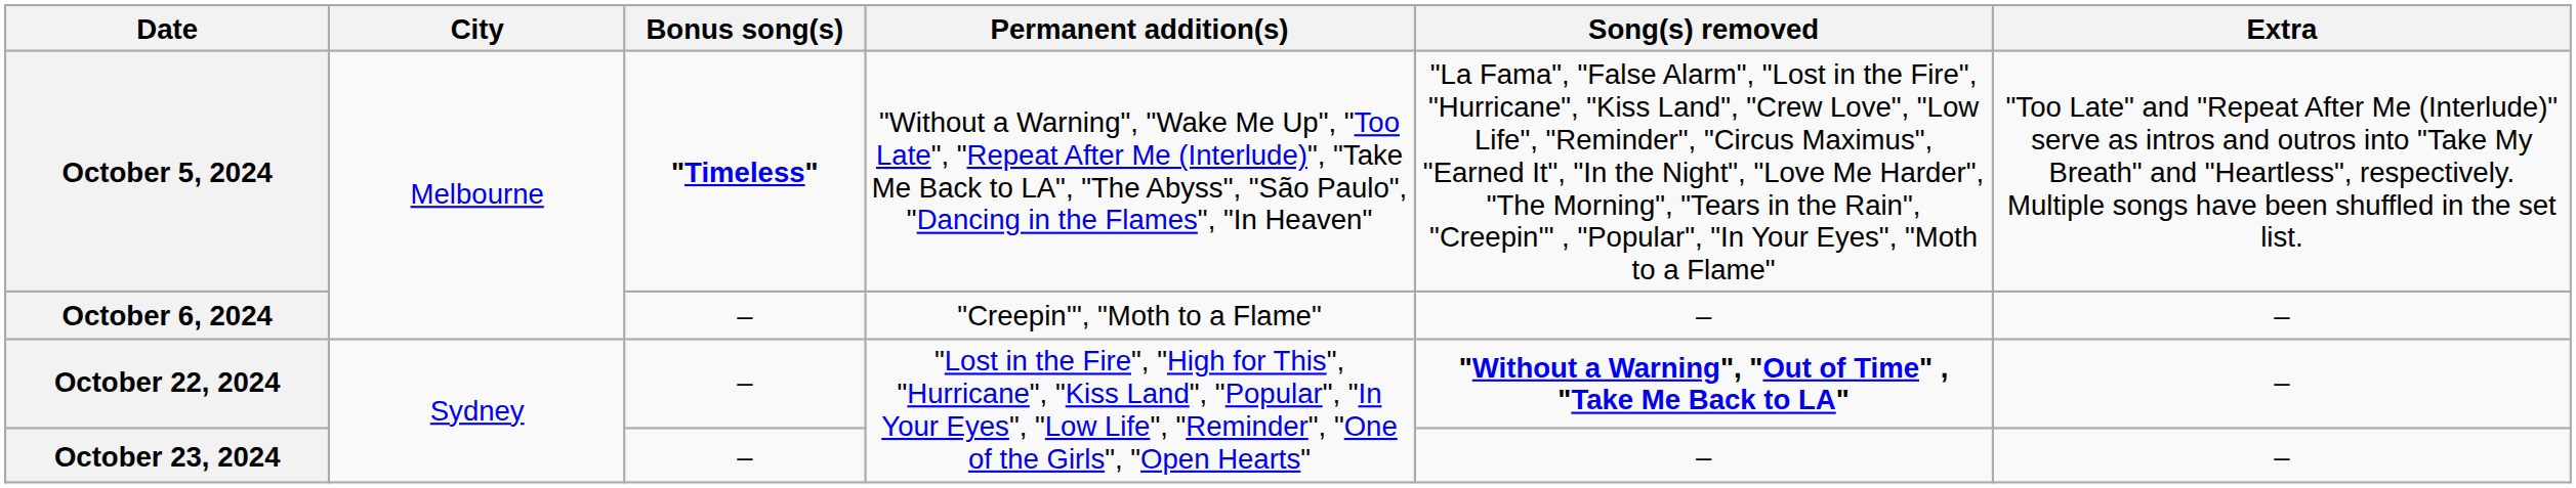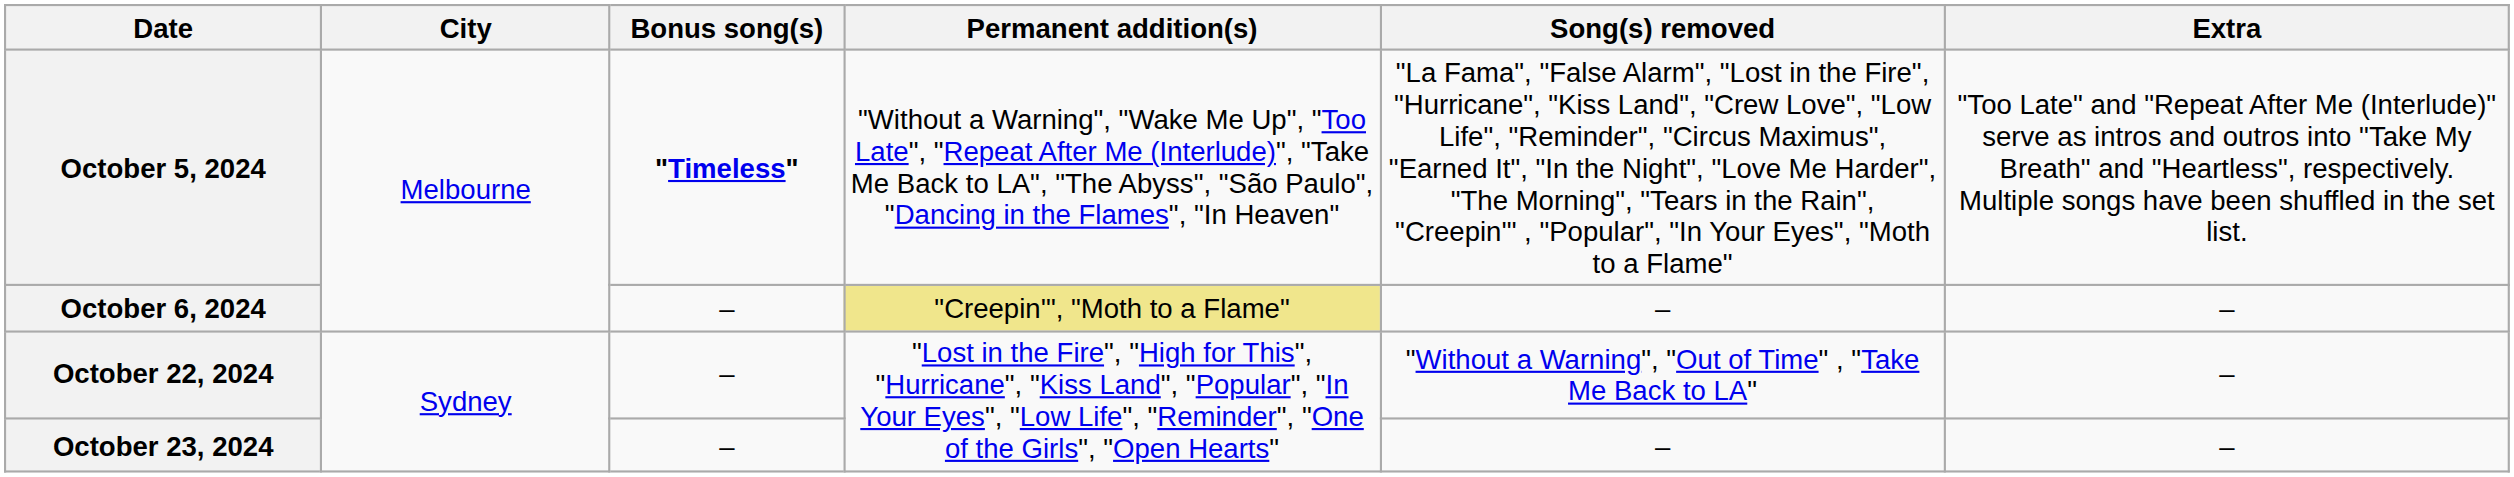 <table class="wikitable plainrowheaders mw-collapsible mw-collapsed" style="text-align:center; font-size:13px">
 <tr>
 <th scope="col" style="width:11em;">Date</th>
 <th scope="col" style="width:10em;">City</th>
 <th scope="col" style="width:8em;">Bonus song(s)</th>
 <th scope="col" style="width:19em;">Permanent addition(s)</th>
 <th scope="col" style="width:20em;">Song(s) removed</th>
 <th scope="col" style="width:20em;">Extra</th>
 </tr>
 <tr>
 <th scope="row" style="text-align:center;">October 5, 2024</th>
 <td rowspan="2"><a href='#'>Melbourne</a></td>
 <td><strong>"<a href='#'>Timeless</a>"</strong></td>
 <td>"Without a Warning", "Wake Me Up", "<a href='#'>Too Late</a>", "<a href='#'>Repeat After Me (Interlude)</a>", "Take Me Back to LA", "The Abyss", "São Paulo", "<a href='#'>Dancing in the Flames</a>", "In Heaven"</td>
 <td>"La Fama", "False Alarm", "Lost in the Fire", "Hurricane", "Kiss Land", "Crew Love", "Low Life", "Reminder", "Circus Maximus", "Earned It", "In the Night", "Love Me Harder", "The Morning", "Tears in the Rain", "Creepin'"  , "Popular", "In Your Eyes", "Moth to a Flame"   </td>
 <td>"Too Late" and "Repeat After Me (Interlude)" serve as intros and outros into "Take My Breath" and "Heartless", respectively. Multiple songs have been shuffled in the set list.</td>
 </tr>
 <tr>
 <th scope="row" style="text-align:center;">October 6, 2024</th>
 <td>–</td>
-<td>"Creepin'", "Moth to a Flame" </td>
+<td style="background: khaki;">"Creepin'", "Moth to a Flame" </td>
 <td>–</td>
 <td>–</td>
 </tr>
 <tr>
 <th scope="row" style="text-align:center;">October 22, 2024</th>
 <td rowspan="2"><a href='#'>Sydney</a></td>
 <td>–</td>
 <td rowspan="2">"<a href='#'>Lost in the Fire</a>", "<a href='#'>High for This</a>",  "<a href='#'>Hurricane</a>", "<a href='#'>Kiss Land</a>", "<a href='#'>Popular</a>", "<a href='#'>In Your Eyes</a>", "<a href='#'>Low Life</a>", "<a href='#'>Reminder</a>", "<a href='#'>One of the Girls</a>",  "<a href='#'>Open Hearts</a>"</td>
-<td><strong>"<a href='#'>Without a Warning</a>", "<a href='#'>Out of Time</a>" , "<a href='#'>Take Me Back to LA</a>"</strong></td>
+<td>"<a href='#'>Without a Warning</a>", "<a href='#'>Out of Time</a>" , "<a href='#'>Take Me Back to LA</a>"</td>
 <td>–</td>
 </tr>
 <tr>
 <th scope="row" style="text-align:center;">October 23, 2024</th>
 <td>–</td>
 <td>–</td>
 <td>–</td>
 </tr>
 </table>
